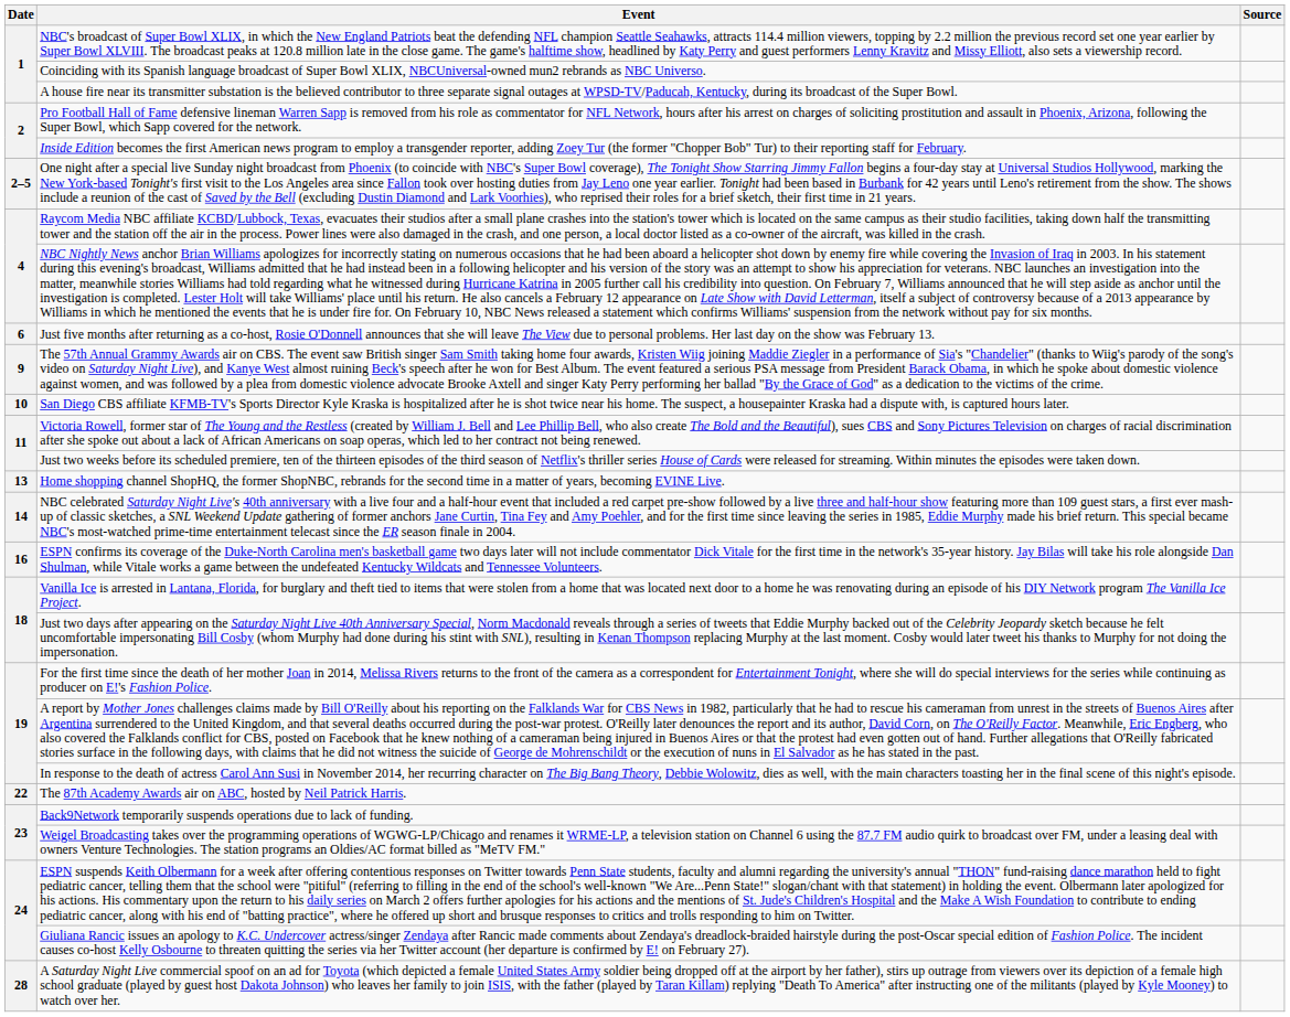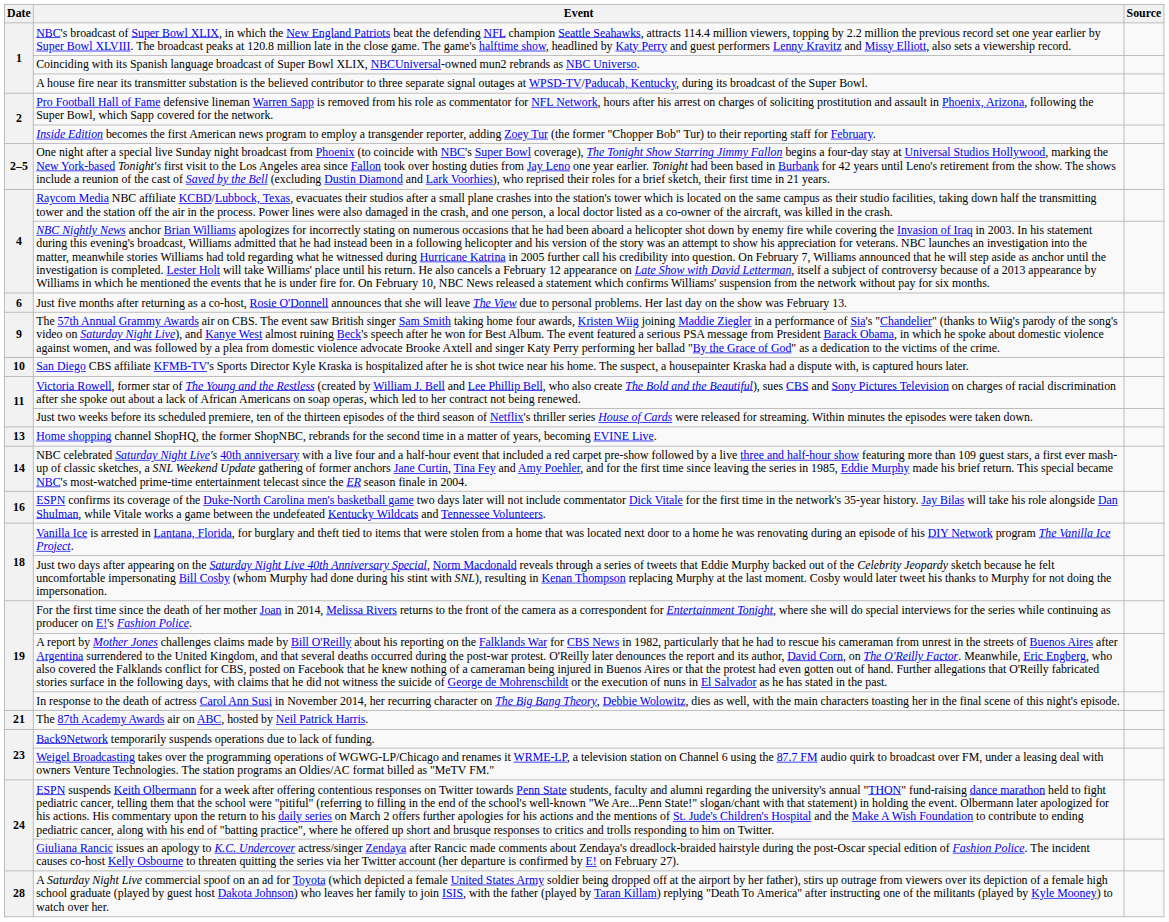 <table class="wikitable">
 <tr>
 <th>Date</th>
 <th>Event</th>
 <th>Source</th>
 </tr>
 <tr>
 <th rowspan="3">1</th>
 <td><a href='#'>NBC</a>'s broadcast of <a href='#'>Super Bowl XLIX</a>, in which the <a href='#'>New England Patriots</a> beat the defending <a href='#'>NFL</a> champion <a href='#'>Seattle Seahawks</a>, attracts 114.4 million viewers, topping by 2.2 million the previous record set one year earlier by <a href='#'>Super Bowl XLVIII</a>. The broadcast peaks at 120.8 million late in the close game. The game's <a href='#'>halftime show</a>, headlined by <a href='#'>Katy Perry</a> and guest performers <a href='#'>Lenny Kravitz</a> and <a href='#'>Missy Elliott</a>, also sets a viewership record.</td>
 <td></td>
 </tr>
 <tr>
 <td>Coinciding with its Spanish language broadcast of Super Bowl XLIX, <a href='#'>NBCUniversal</a>-owned mun2 rebrands as <a href='#'>NBC Universo</a>.</td>
 <td></td>
 </tr>
 <tr>
 <td>A house fire near its transmitter substation is the believed contributor to three separate signal outages at <a href='#'>WPSD-TV</a>/<a href='#'>Paducah, Kentucky</a>, during its broadcast of the Super Bowl.</td>
 <td></td>
 </tr>
 <tr>
 <th rowspan=2>2</th>
 <td><a href='#'>Pro Football Hall of Fame</a> defensive lineman <a href='#'>Warren Sapp</a> is removed from his role as commentator for <a href='#'>NFL Network</a>, hours after his arrest on charges of soliciting prostitution and assault in <a href='#'>Phoenix, Arizona</a>, following the Super Bowl, which Sapp covered for the network.</td>
 <td></td>
 </tr>
 <tr>
 <td><em><a href='#'>Inside Edition</a></em> becomes the first American news program to employ a transgender reporter, adding <a href='#'>Zoey Tur</a> (the former "Chopper Bob" Tur) to their reporting staff for <a href='#'>February</a>.</td>
 <td></td>
 </tr>
 <tr>
 <th>2–5</th>
 <td>One night after a special live Sunday night broadcast from <a href='#'>Phoenix</a> (to coincide with <a href='#'>NBC</a>'s <a href='#'>Super Bowl</a> coverage), <em><a href='#'>The Tonight Show Starring Jimmy Fallon</a></em> begins a four-day stay at <a href='#'>Universal Studios Hollywood</a>, marking the <a href='#'>New York-based</a> <em>Tonight's</em> first visit to the Los Angeles area since <a href='#'>Fallon</a> took over hosting duties from <a href='#'>Jay Leno</a> one year earlier. <em>Tonight</em> had been based in <a href='#'>Burbank</a> for 42 years until Leno's retirement from the show. The shows include a reunion of the cast of <em><a href='#'>Saved by the Bell</a></em> (excluding <a href='#'>Dustin Diamond</a> and <a href='#'>Lark Voorhies</a>), who reprised their roles for a brief sketch, their first time in 21 years.</td>
 <td></td>
 </tr>
 <tr>
 <th rowspan=2>4</th>
 <td><a href='#'>Raycom Media</a> NBC affiliate <a href='#'>KCBD</a>/<a href='#'>Lubbock, Texas</a>, evacuates their studios after a small plane crashes into the station's tower which is located on the same campus as their studio facilities, taking down half the transmitting tower and the station off the air in the process. Power lines were also damaged in the crash, and one person, a local doctor listed as a co-owner of the aircraft, was killed in the crash.</td>
 <td></td>
 </tr>
 <tr>
 <td><em><a href='#'>NBC Nightly News</a></em> anchor <a href='#'>Brian Williams</a> apologizes for incorrectly stating on numerous occasions that he had been aboard a helicopter shot down by enemy fire while covering the <a href='#'>Invasion of Iraq</a> in 2003. In his statement during this evening's broadcast, Williams admitted that he had instead been in a following helicopter and his version of the story was an attempt to show his appreciation for veterans. NBC launches an investigation into the matter, meanwhile stories Williams had told regarding what he witnessed during <a href='#'>Hurricane Katrina</a> in 2005 further call his credibility into question. On February 7, Williams announced that he will step aside as anchor until the investigation is completed. <a href='#'>Lester Holt</a> will take Williams' place until his return. He also cancels a February 12 appearance on <em><a href='#'>Late Show with David Letterman</a></em>, itself a subject of controversy because of a 2013 appearance by Williams in which he mentioned the events that he is under fire for. On February 10, NBC News released a statement which confirms Williams' suspension from the network without pay for six months.</td>
 <td><br></td>
 </tr>
 <tr>
 <th>6</th>
 <td>Just five months after returning as a co-host, <a href='#'>Rosie O'Donnell</a> announces that she will leave <em><a href='#'>The View</a></em> due to personal problems. Her last day on the show was February 13.</td>
 <td></td>
 </tr>
 <tr>
 <th>9</th>
 <td>The <a href='#'>57th Annual Grammy Awards</a> air on CBS. The event saw British singer <a href='#'>Sam Smith</a> taking home four awards, <a href='#'>Kristen Wiig</a> joining <a href='#'>Maddie Ziegler</a> in a performance of <a href='#'>Sia</a>'s "<a href='#'>Chandelier</a>" (thanks to Wiig's parody of the song's video on <em><a href='#'>Saturday Night Live</a></em>), and <a href='#'>Kanye West</a> almost ruining <a href='#'>Beck</a>'s speech after he won for Best Album. The event featured a serious PSA message from President <a href='#'>Barack Obama</a>, in which he spoke about domestic violence against women, and was followed by a plea from domestic violence advocate Brooke Axtell and singer Katy Perry performing her ballad "<a href='#'>By the Grace of God</a>" as a dedication to the victims of the crime.</td>
 <td><br><br></td>
 </tr>
 <tr>
 <th>10</th>
 <td><a href='#'>San Diego</a> CBS affiliate <a href='#'>KFMB-TV</a>'s Sports Director Kyle Kraska is hospitalized after he is shot twice near his home. The suspect, a housepainter Kraska had a dispute with, is captured hours later.</td>
 <td></td>
 </tr>
 <tr>
 <th rowspan=2>11</th>
 <td><a href='#'>Victoria Rowell</a>, former star of <em><a href='#'>The Young and the Restless</a></em> (created by <a href='#'>William J. Bell</a> and <a href='#'>Lee Phillip Bell</a>, who also create <em><a href='#'>The Bold and the Beautiful</a></em>), sues <a href='#'>CBS</a> and <a href='#'>Sony Pictures Television</a> on charges of racial discrimination after she spoke out about a lack of African Americans on soap operas, which led to her contract not being renewed.</td>
 <td></td>
 </tr>
 <tr>
 <td>Just two weeks before its scheduled premiere, ten of the thirteen episodes of the third season of <a href='#'>Netflix</a>'s thriller series <em><a href='#'>House of Cards</a></em> were released for streaming. Within minutes the episodes were taken down.</td>
 <td></td>
 </tr>
 <tr>
 <th>13</th>
 <td><a href='#'>Home shopping</a> channel ShopHQ, the former ShopNBC, rebrands for the second time in a matter of years, becoming <a href='#'>EVINE Live</a>.</td>
 <td></td>
 </tr>
 <tr>
 <th>14</th>
 <td>NBC celebrated <em><a href='#'>Saturday Night Live</a>'s</em> <a href='#'>40th anniversary</a> with a live four and a half-hour event that included a red carpet pre-show followed by a live <a href='#'>three and half-hour show</a> featuring more than 109 guest stars, a first ever mash-up of classic sketches, a <em>SNL Weekend Update</em> gathering of former anchors <a href='#'>Jane Curtin</a>, <a href='#'>Tina Fey</a> and <a href='#'>Amy Poehler</a>, and for the first time since leaving the series in 1985, <a href='#'>Eddie Murphy</a> made his brief return. This special became <a href='#'>NBC</a>'s most-watched prime-time entertainment telecast since the <em><a href='#'>ER</a></em> season finale in 2004.</td>
 <td><br></td>
 </tr>
 <tr>
 <th>16</th>
 <td><a href='#'>ESPN</a> confirms its coverage of the <a href='#'>Duke-North Carolina men's basketball game</a> two days later will not include commentator <a href='#'>Dick Vitale</a> for the first time in the network's 35-year history. <a href='#'>Jay Bilas</a> will take his role alongside <a href='#'>Dan Shulman</a>, while Vitale works a game between the undefeated <a href='#'>Kentucky Wildcats</a> and <a href='#'>Tennessee Volunteers</a>.</td>
 <td></td>
 </tr>
 <tr>
 <th rowspan=2>18</th>
 <td><a href='#'>Vanilla Ice</a> is arrested in <a href='#'>Lantana, Florida</a>, for burglary and theft tied to items that were stolen from a home that was located next door to a home he was renovating during an episode of his <a href='#'>DIY Network</a> program <em><a href='#'>The Vanilla Ice Project</a></em>.</td>
 <td></td>
 </tr>
 <tr>
 <td>Just two days after appearing on the <em><a href='#'>Saturday Night Live 40th Anniversary Special</a></em>, <a href='#'>Norm Macdonald</a> reveals through a series of tweets that Eddie Murphy backed out of the <em>Celebrity Jeopardy</em> sketch because he felt uncomfortable impersonating <a href='#'>Bill Cosby</a> (whom Murphy had done during his stint with <em>SNL</em>), resulting in <a href='#'>Kenan Thompson</a> replacing Murphy at the last moment. Cosby would later tweet his thanks to Murphy for not doing the impersonation.</td>
 <td></td>
 </tr>
 <tr>
 <th rowspan=3>19</th>
 <td>For the first time since the death of her mother <a href='#'>Joan</a> in 2014, <a href='#'>Melissa Rivers</a> returns to the front of the camera as a correspondent for <em><a href='#'>Entertainment Tonight</a></em>, where she will do special interviews for the series while continuing as producer on <a href='#'>E!</a>'s <em><a href='#'>Fashion Police</a></em>.</td>
 <td></td>
 </tr>
 <tr>
 <td>A report by <em><a href='#'>Mother Jones</a></em> challenges claims made by <a href='#'>Bill O'Reilly</a> about his reporting on the <a href='#'>Falklands War</a> for <a href='#'>CBS News</a> in 1982, particularly that he had to rescue his cameraman from unrest in the streets of <a href='#'>Buenos Aires</a> after <a href='#'>Argentina</a> surrendered to the United Kingdom, and that several deaths occurred during the post-war protest. O'Reilly later denounces the report and its author, <a href='#'>David Corn</a>, on <em><a href='#'>The O'Reilly Factor</a></em>. Meanwhile, <a href='#'>Eric Engberg</a>, who also covered the Falklands conflict for CBS, posted on Facebook that he knew nothing of a cameraman being injured in Buenos Aires or that the protest had even gotten out of hand. Further allegations that O'Reilly fabricated stories surface in the following days, with claims that he did not witness the suicide of <a href='#'>George de Mohrenschildt</a> or the execution of nuns in <a href='#'>El Salvador</a> as he has stated in the past.</td>
 <td><br></td>
 </tr>
 <tr>
 <td>In response to the death of actress <a href='#'>Carol Ann Susi</a> in November 2014, her recurring character on <em><a href='#'>The Big Bang Theory</a></em>, <a href='#'>Debbie Wolowitz</a>, dies as well, with the main characters toasting her in the final scene of this night's episode.</td>
 <td></td>
 </tr>
 <tr>
-<th>22</th>
+<th>21</th>
 <td>The <a href='#'>87th Academy Awards</a> air on <a href='#'>ABC</a>, hosted by <a href='#'>Neil Patrick Harris</a>.</td>
 <td></td>
 </tr>
 <tr>
 <th rowspan=2>23</th>
 <td><a href='#'>Back9Network</a> temporarily suspends operations due to lack of funding.</td>
 <td></td>
 </tr>
 <tr>
 <td><a href='#'>Weigel Broadcasting</a> takes over the programming operations of WGWG-LP/Chicago and renames it <a href='#'>WRME-LP</a>, a television station on Channel 6 using the <a href='#'>87.7 FM</a> audio quirk to broadcast over FM, under a leasing deal with owners Venture Technologies. The station programs an Oldies/AC format billed as "MeTV FM."</td>
 <td></td>
 </tr>
 <tr>
 <th rowspan=2>24</th>
 <td><a href='#'>ESPN</a> suspends <a href='#'>Keith Olbermann</a> for a week after offering contentious responses on Twitter towards <a href='#'>Penn State</a> students, faculty and alumni regarding the university's annual "<a href='#'>THON</a>" fund-raising <a href='#'>dance marathon</a> held to fight pediatric cancer, telling them that the school were "pitiful" (referring to filling in the end of the school's well-known "We Are...Penn State!" slogan/chant with that statement) in holding the event. Olbermann later apologized for his actions. His commentary upon the return to his <a href='#'>daily series</a> on March 2 offers further apologies for his actions and the mentions of <a href='#'>St. Jude's Children's Hospital</a> and the <a href='#'>Make A Wish Foundation</a> to contribute to ending pediatric cancer, along with his end of "batting practice", where he offered up short and brusque responses to critics and trolls responding to him on Twitter.</td>
 <td></td>
 </tr>
 <tr>
 <td><a href='#'>Giuliana Rancic</a> issues an apology to <em><a href='#'>K.C. Undercover</a></em> actress/singer <a href='#'>Zendaya</a> after Rancic made comments about Zendaya's dreadlock-braided hairstyle during the post-Oscar special edition of <em><a href='#'>Fashion Police</a></em>. The incident causes co-host <a href='#'>Kelly Osbourne</a> to threaten quitting the series via her Twitter account (her departure is confirmed by <a href='#'>E!</a> on February 27).</td>
 <td></td>
 </tr>
 <tr>
 <th>28</th>
 <td>A <em>Saturday Night Live</em> commercial spoof on an ad for <a href='#'>Toyota</a> (which depicted a female <a href='#'>United States Army</a> soldier being dropped off at the airport by her father), stirs up outrage from viewers over its depiction of a female high school graduate (played by guest host <a href='#'>Dakota Johnson</a>) who leaves her family to join <a href='#'>ISIS</a>, with the father (played by <a href='#'>Taran Killam</a>) replying "Death To America" after instructing one of the militants (played by <a href='#'>Kyle Mooney</a>) to watch over her.</td>
 <td></td>
 </tr>
 </table>
